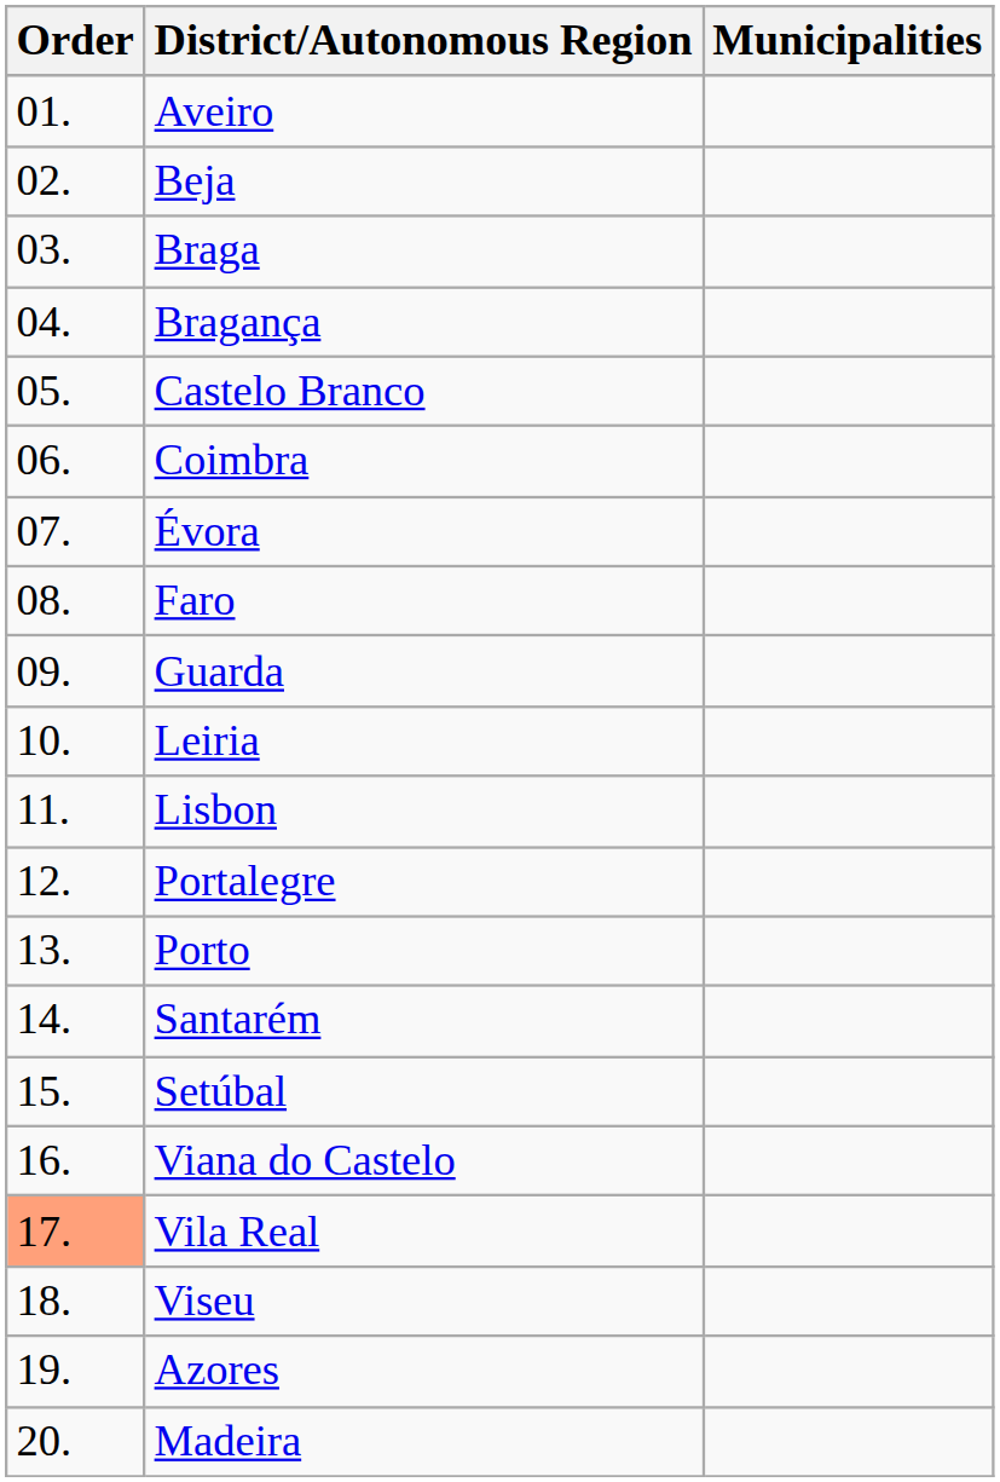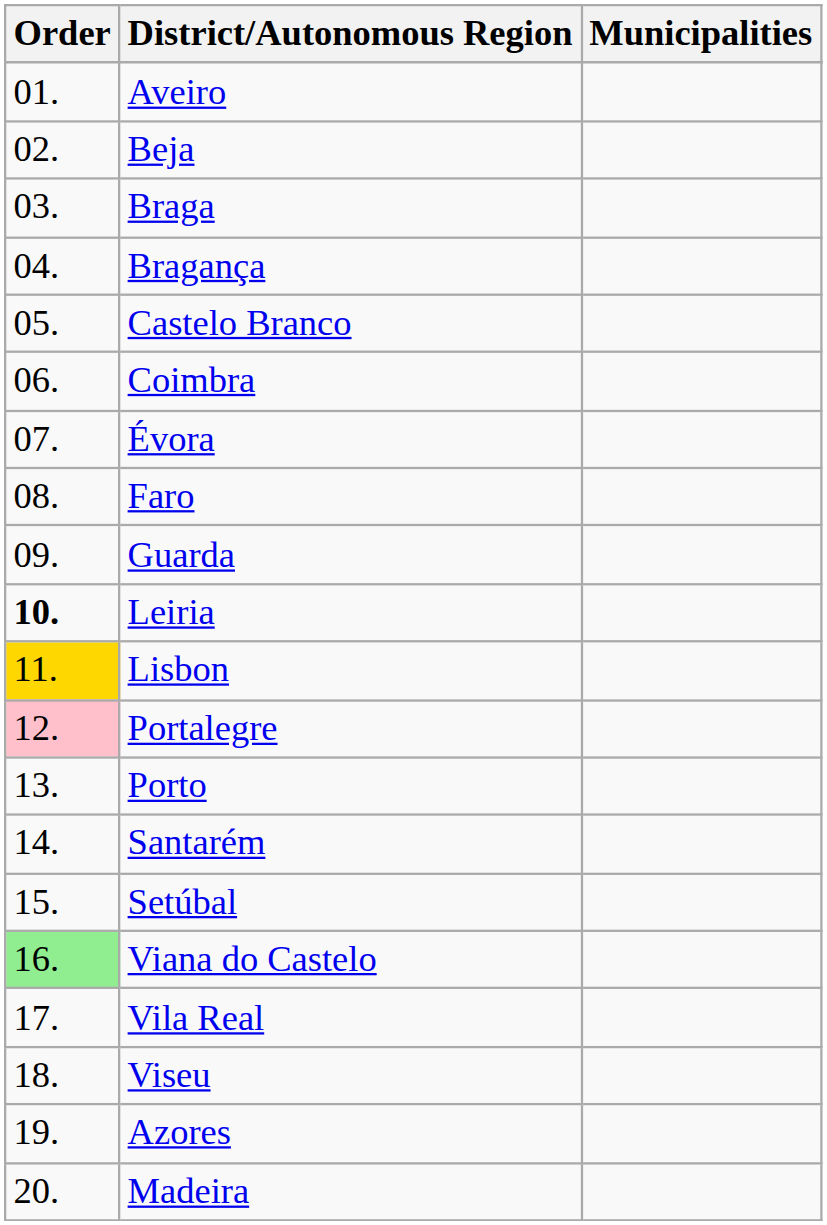 <table class="wikitable sortable">
 <tr>
 <th>Order</th>
 <th>District/Autonomous Region</th>
 <th>Municipalities</th>
 </tr>
 <tr>
 </tr>
 <tr>
 <td>01.</td>
 <td><a href='#'>Aveiro</a></td>
 <td></td>
 </tr>
 <tr>
 <td>02.</td>
 <td><a href='#'>Beja</a></td>
 <td></td>
 </tr>
 <tr>
 <td>03.</td>
 <td><a href='#'>Braga</a></td>
 <td></td>
 </tr>
 <tr>
 <td>04.</td>
 <td><a href='#'>Bragança</a></td>
 <td></td>
 </tr>
 <tr>
 <td>05.</td>
 <td><a href='#'>Castelo Branco</a></td>
 <td></td>
 </tr>
 <tr>
 <td>06.</td>
 <td><a href='#'>Coimbra</a></td>
 <td></td>
 </tr>
 <tr>
 <td>07.</td>
 <td><a href='#'>Évora</a></td>
 <td></td>
 </tr>
 <tr>
 <td>08.</td>
 <td><a href='#'>Faro</a></td>
 <td></td>
 </tr>
 <tr>
 <td>09.</td>
 <td><a href='#'>Guarda</a></td>
 <td></td>
 </tr>
 <tr>
-<td>10.</td>
+<td><strong>10.</strong></td>
 <td><a href='#'>Leiria</a></td>
 <td></td>
 </tr>
 <tr>
-<td>11.</td>
+<td style="background: gold;">11.</td>
 <td><a href='#'>Lisbon</a></td>
 <td></td>
 </tr>
 <tr>
-<td>12.</td>
+<td style="background: pink;">12.</td>
 <td><a href='#'>Portalegre</a></td>
 <td></td>
 </tr>
 <tr>
 <td>13.</td>
 <td><a href='#'>Porto</a></td>
 <td></td>
 </tr>
 <tr>
 <td>14.</td>
 <td><a href='#'>Santarém</a></td>
 <td></td>
 </tr>
 <tr>
 <td>15.</td>
 <td><a href='#'>Setúbal</a></td>
 <td></td>
 </tr>
 <tr>
-<td>16.</td>
+<td style="background: lightgreen;">16.</td>
 <td><a href='#'>Viana do Castelo</a></td>
 <td></td>
 </tr>
 <tr>
-<td style="background: lightsalmon;">17.</td>
+<td>17.</td>
 <td><a href='#'>Vila Real</a></td>
 <td></td>
 </tr>
 <tr>
 <td>18.</td>
 <td><a href='#'>Viseu</a></td>
 <td></td>
 </tr>
 <tr>
 <td>19.</td>
 <td><a href='#'>Azores</a></td>
 <td></td>
 </tr>
 <tr>
 <td>20.</td>
 <td><a href='#'>Madeira</a></td>
 <td></td>
 </tr>
 </table>
